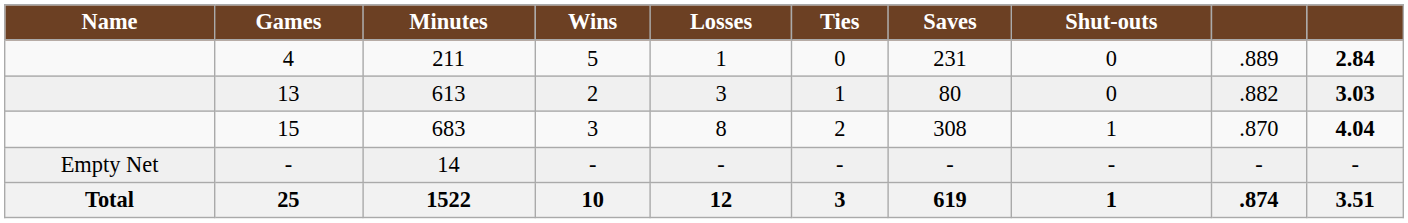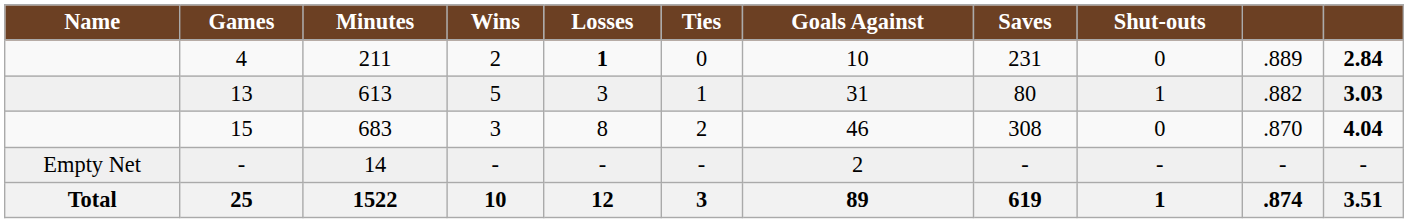 <table class="wikitable sortable" width ="1000">
 <tr align="center">
 <th style="color:white; background:#6C4023; ">Name</th>
 <th style="color:white; background:#6C4023; ">Games</th>
 <th style="color:white; background:#6C4023; ">Minutes</th>
 <th style="color:white; background:#6C4023; ">Wins</th>
 <th style="color:white; background:#6C4023; ">Losses</th>
 <th style="color:white; background:#6C4023; ">Ties</th>
+<th style="color:white; background:#6C4023; ">Goals Against</th>
 <th style="color:white; background:#6C4023; ">Saves</th>
 <th style="color:white; background:#6C4023; ">Shut-outs</th>
 <th style="color:white; background:#6C4023; "><a href='#'></a></th>
 <th style="color:white; background:#6C4023; "><a href='#'></a></th>
 </tr>
 <tr align="center" bgcolor="">
 <td></td>
 <td>4</td>
 <td>211</td>
-<td>5</td>
-<td>1</td>
+<td>2</td>
+<td><strong>1</strong></td>
 <td>0</td>
+<td>10</td>
 <td>231</td>
 <td>0</td>
 <td>.889</td>
 <td><strong>2.84</strong></td>
 </tr>
 <tr align="center" bgcolor="f0f0f0">
 <td></td>
 <td>13</td>
 <td>613</td>
-<td>2</td>
+<td>5</td>
 <td>3</td>
 <td>1</td>
+<td>31</td>
 <td>80</td>
-<td>0</td>
+<td>1</td>
 <td>.882</td>
 <td><strong>3.03</strong></td>
 </tr>
 <tr align="center" bgcolor="">
 <td></td>
 <td>15</td>
 <td>683</td>
 <td>3</td>
 <td>8</td>
 <td>2</td>
+<td>46</td>
 <td>308</td>
-<td>1</td>
+<td>0</td>
 <td>.870</td>
 <td><strong>4.04</strong></td>
 </tr>
 <tr align="center" bgcolor="f0f0f0">
 <td>Empty Net</td>
 <td>-</td>
 <td>14</td>
 <td>-</td>
 <td>-</td>
 <td>-</td>
+<td>2</td>
 <td>-</td>
 <td>-</td>
 <td>-</td>
 <td>-</td>
 </tr>
 <tr>
 <th>Total</th>
 <th>25</th>
 <th>1522</th>
 <th>10</th>
 <th>12</th>
 <th>3</th>
+<th>89</th>
 <th>619</th>
 <th>1</th>
 <th>.874</th>
 <th>3.51</th>
 </tr>
 </table>
